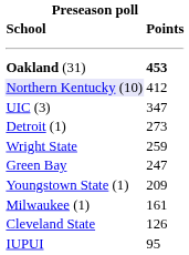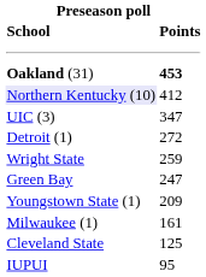 <table class="toccolours" style="float: left; margin-right: 1em;" cellspacing="2">
 <tr>
 <th colspan="2" style="text-align: center;"><strong>Preseason poll</strong></th>
 </tr>
 <tr>
 <td><strong>School</strong></td>
 <td><strong>Points</strong></td>
 </tr>
 <tr>
 <td colspan="2"><hr></td>
 </tr>
 <tr>
 <td><strong>Oakland</strong> (31)</td>
 <td><strong>453</strong></td>
 </tr>
 <tr>
 <td style="background: lavender;"><a href='#'>Northern Kentucky</a> (10)</td>
 <td>412</td>
 </tr>
 <tr>
 <td><a href='#'>UIC</a> (3)</td>
 <td>347</td>
 </tr>
 <tr>
 <td><a href='#'>Detroit</a> (1)</td>
-<td>273</td>
+<td>272</td>
 </tr>
 <tr>
 <td><a href='#'>Wright State</a></td>
 <td>259</td>
 </tr>
 <tr>
 <td><a href='#'>Green Bay</a></td>
 <td>247</td>
 </tr>
 <tr>
 <td><a href='#'>Youngstown State</a> (1)</td>
 <td>209</td>
 </tr>
 <tr>
 <td><a href='#'>Milwaukee</a> (1)</td>
 <td>161</td>
 </tr>
 <tr>
 <td><a href='#'>Cleveland State</a></td>
-<td>126</td>
+<td>125</td>
 </tr>
 <tr>
 <td><a href='#'>IUPUI</a></td>
 <td>95</td>
 </tr>
 <tr>
 <td colspan=2><em></em></td>
 </tr>
 </table>
